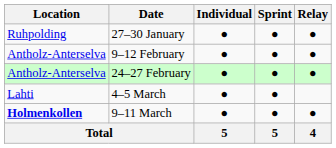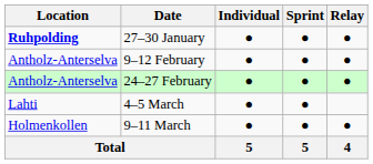 <table class="wikitable" border="1">
 <tr>
 <th>Location</th>
 <th>Date</th>
 <th>Individual</th>
 <th>Sprint</th>
 <th>Relay</th>
 </tr>
 <tr align=center>
-<td align=left> <a href='#'>Ruhpolding</a></td>
+<td align=left><strong> <a href='#'>Ruhpolding</a></strong></td>
 <td align=left>27–30 January</td>
 <td>●</td>
 <td>●</td>
 <td>●</td>
 </tr>
 <tr align=center>
 <td align=left> <a href='#'>Antholz-Anterselva</a></td>
 <td align=left>9–12 February</td>
 <td>●</td>
 <td>●</td>
 <td>●</td>
 </tr>
 <tr align=center style="background:#ccffcc">
 <td align=left> <a href='#'>Antholz-Anterselva</a></td>
 <td align=left>24–27 February</td>
 <td>●</td>
 <td>●</td>
 <td>●</td>
 </tr>
 <tr align=center>
 <td align=left> <a href='#'>Lahti</a></td>
 <td align=left>4–5 March</td>
 <td>●</td>
 <td>●</td>
 <td></td>
 </tr>
 <tr align=center>
-<td align=left><strong> <a href='#'>Holmenkollen</a></strong></td>
+<td align=left> <a href='#'>Holmenkollen</a></td>
 <td align=left>9–11 March</td>
 <td>●</td>
 <td>●</td>
 <td>●</td>
 </tr>
 <tr align=center>
 <th colspan="2">Total</th>
 <th>5</th>
 <th>5</th>
 <th>4</th>
 </tr>
 </table>
